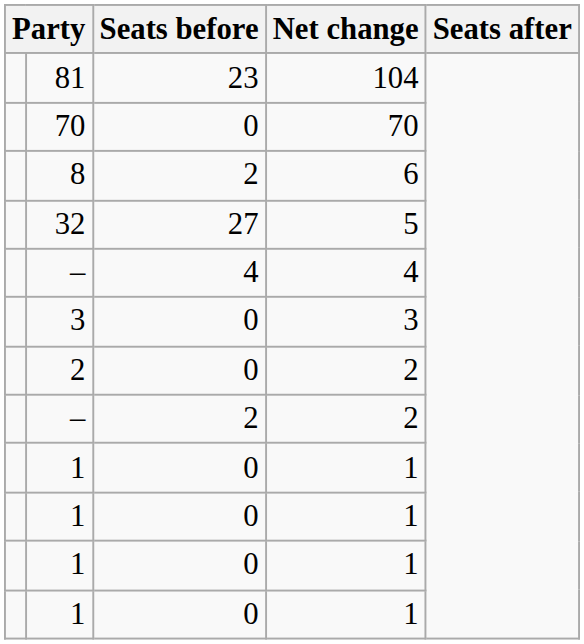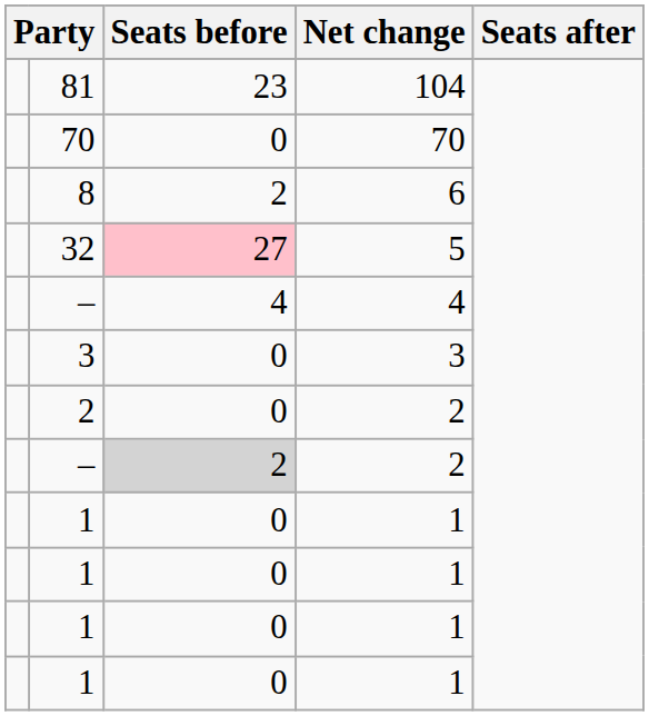 <table class=wikitable style="text-align:right">
 <tr>
 <th colspan="2">Party</th>
 <th>Seats before</th>
 <th>Net change</th>
 <th>Seats after</th>
 </tr>
 <tr>
 <td></td>
 <td>81</td>
 <td> 23</td>
 <td>104</td>
 </tr>
 <tr>
 <td></td>
 <td>70</td>
 <td> 0</td>
 <td>70</td>
 </tr>
 <tr>
 <td></td>
 <td>8</td>
 <td> 2</td>
 <td>6</td>
 </tr>
 <tr>
 <td></td>
 <td>32</td>
-<td> 27</td>
+<td style="background: pink;"> 27</td>
 <td>5</td>
 </tr>
 <tr>
 <td></td>
 <td>–</td>
 <td> 4</td>
 <td>4</td>
 </tr>
 <tr>
 <td></td>
 <td>3</td>
 <td> 0</td>
 <td>3</td>
 </tr>
 <tr>
 <td></td>
 <td>2</td>
 <td> 0</td>
 <td>2</td>
 </tr>
 <tr>
 <td></td>
 <td>–</td>
-<td> 2</td>
+<td style="background: lightgrey;"> 2</td>
 <td>2</td>
 </tr>
 <tr>
 <td></td>
 <td>1</td>
 <td> 0</td>
 <td>1</td>
 </tr>
 <tr>
 <td></td>
 <td>1</td>
 <td> 0</td>
 <td>1</td>
 </tr>
 <tr>
 <td></td>
 <td>1</td>
 <td> 0</td>
 <td>1</td>
 </tr>
 <tr>
 <td></td>
 <td>1</td>
 <td> 0</td>
 <td>1</td>
 </tr>
 </table>
